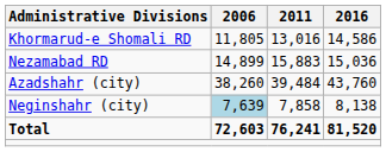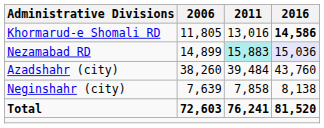 <table class="wikitable">
 <tr>
 <th>Administrative Divisions</th>
 <th>2006</th>
 <th>2011</th>
 <th>2016</th>
 </tr>
 <tr>
 <td><a href='#'>Khormarud-e Shomali RD</a></td>
 <td style="text-align: right;">11,805</td>
 <td style="text-align: right;">13,016</td>
-<td style="text-align: right;">14,586</td>
+<td style="text-align: right;"><strong>14,586</strong></td>
 </tr>
 <tr>
 <td><a href='#'>Nezamabad RD</a></td>
 <td style="text-align: right;">14,899</td>
-<td style="text-align: right;">15,883</td>
-<td style="text-align: right;">15,036</td>
+<td style="background: paleturquoise; text-align: right;">15,883</td>
+<td style="background: lavender; text-align: right;">15,036</td>
 </tr>
 <tr>
 <td><a href='#'>Azadshahr</a> (city)</td>
 <td style="text-align: right;">38,260</td>
 <td style="text-align: right;">39,484</td>
 <td style="text-align: right;">43,760</td>
 </tr>
 <tr>
 <td><a href='#'>Neginshahr</a> (city)</td>
-<td style="background: lightblue; text-align: right;">7,639</td>
+<td style="text-align: right;">7,639</td>
 <td style="text-align: right;">7,858</td>
 <td style="text-align: right;">8,138</td>
 </tr>
 <tr>
 <td><strong>Total</strong></td>
 <td style="text-align: right;"><strong>72,603</strong></td>
 <td style="text-align: right;"><strong>76,241</strong></td>
 <td style="text-align: right;"><strong>81,520</strong></td>
 </tr>
 <tr>
 <td colspan=4></td>
 </tr>
 </table>
